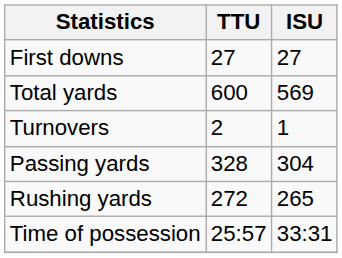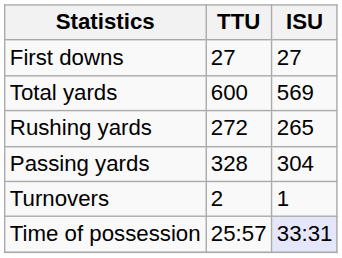 <table class="wikitable" style="float: left;">
 <tr>
 <th>Statistics</th>
 <th>TTU</th>
 <th>ISU</th>
 </tr>
 <tr>
 <td>First downs</td>
 <td>27</td>
 <td>27</td>
 </tr>
 <tr>
 <td>Total yards</td>
 <td>600</td>
 <td>569</td>
 </tr>
 <tr>
-<td>Turnovers</td>
-<td>2</td>
-<td>1</td>
+<td>Rushing yards</td>
+<td>272</td>
+<td>265</td>
 </tr>
 <tr>
 <td>Passing yards</td>
 <td>328</td>
 <td>304</td>
 </tr>
 <tr>
-<td>Rushing yards</td>
-<td>272</td>
-<td>265</td>
+<td>Turnovers</td>
+<td>2</td>
+<td>1</td>
 </tr>
 <tr>
 <td>Time of possession</td>
 <td>25:57</td>
-<td>33:31</td>
+<td style="background: lavender;">33:31</td>
 </tr>
 <tr>
 </tr>
 </table>
